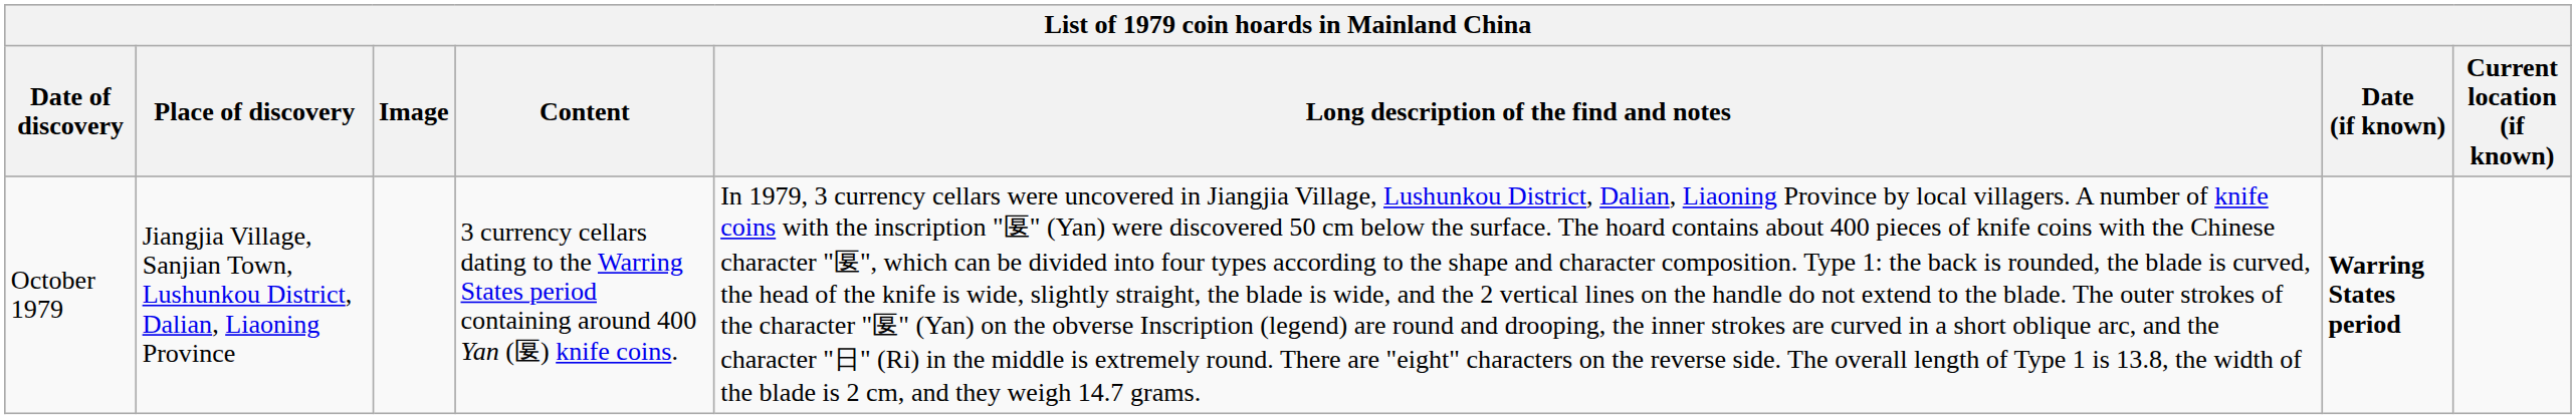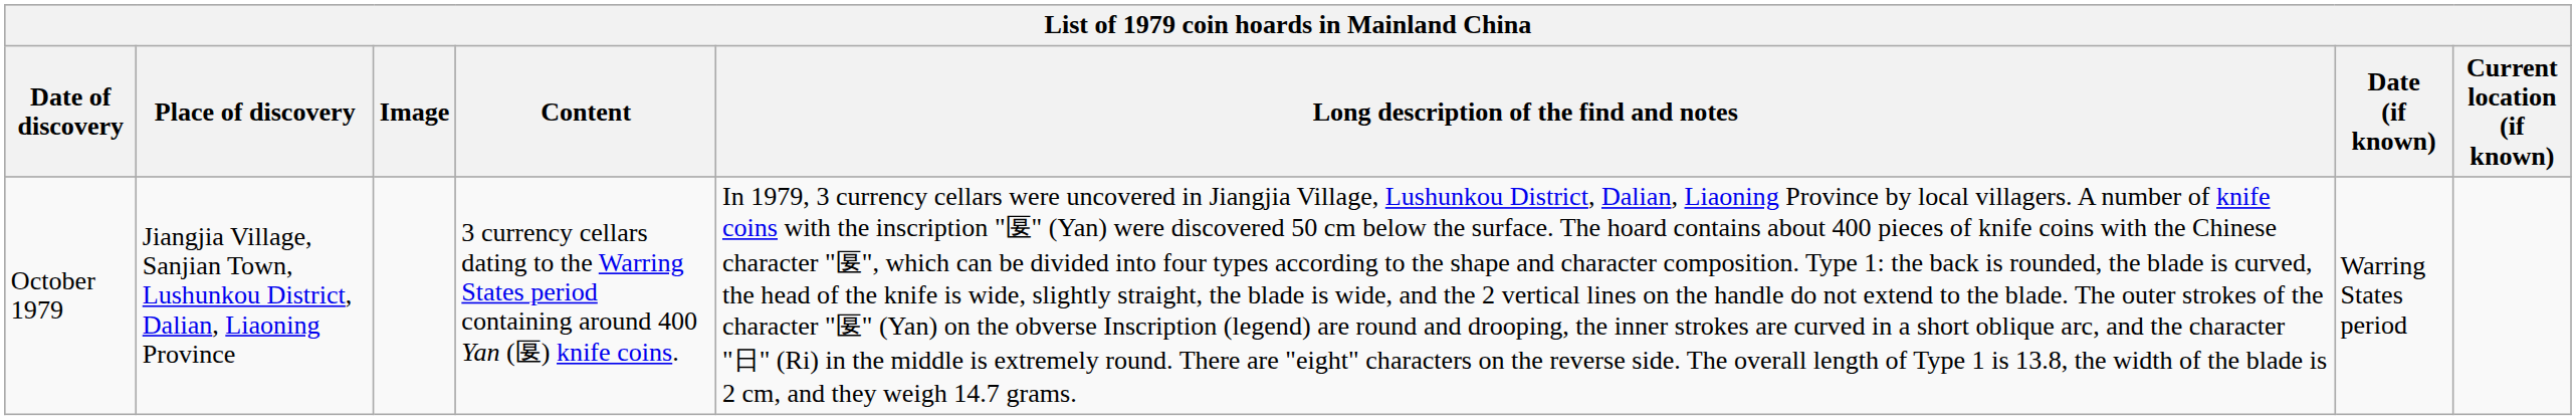 <table class="wikitable" style="font-size: 100%">
 <tr>
 <th colspan=7>List of 1979 coin hoards in Mainland China</th>
 </tr>
 <tr>
 <th>Date of discovery</th>
 <th>Place of discovery</th>
 <th>Image</th>
 <th>Content</th>
 <th>Long description of the find and notes</th>
 <th>Date<br>(if known)</th>
 <th>Current location<br>(if known)</th>
 </tr>
 <tr>
 <td>October 1979</td>
 <td>Jiangjia Village, Sanjian Town, <a href='#'>Lushunkou District</a>, <a href='#'>Dalian</a>, <a href='#'>Liaoning</a> Province</td>
 <td></td>
 <td>3 currency cellars dating to the <a href='#'>Warring States period</a> containing around 400 <em>Yan</em> (匽) <a href='#'>knife coins</a>.</td>
 <td>In 1979, 3 currency cellars were uncovered in Jiangjia Village, <a href='#'>Lushunkou District</a>, <a href='#'>Dalian</a>, <a href='#'>Liaoning</a> Province by local villagers. A number of <a href='#'>knife coins</a> with the inscription "匽" (Yan) were discovered 50 cm below the surface. The hoard contains about 400 pieces of knife coins with the Chinese character "匽", which can be divided into four types according to the shape and character composition. Type 1: the back is rounded, the blade is curved, the head of the knife is wide, slightly straight, the blade is wide, and the 2 vertical lines on the handle do not extend to the blade. The outer strokes of the character "匽" (Yan) on the obverse Inscription (legend) are round and drooping, the inner strokes are curved in a short oblique arc, and the character "日" (Ri) in the middle is extremely round. There are "eight" characters on the reverse side. The overall length of Type 1 is 13.8, the width of the blade is 2 cm, and they weigh 14.7 grams.</td>
-<td><strong>Warring States period</strong></td>
+<td>Warring States period</td>
 <td></td>
 </tr>
 </table>
